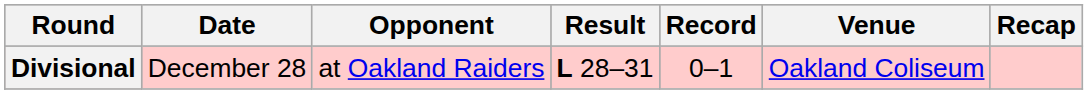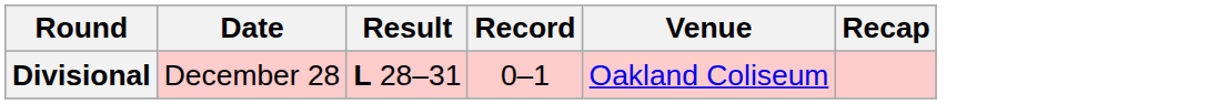 <table class="wikitable" style="text-align:center">
 <tr>
 <th>Round</th>
 <th>Date</th>
-<th>Opponent</th>
 <th>Result</th>
 <th>Record</th>
 <th>Venue</th>
 <th>Recap</th>
 </tr>
 <tr bgcolor="#fcc">
 <th>Divisional</th>
 <td>December 28</td>
-<td>at <a href='#'>Oakland Raiders</a></td>
 <td><strong>L</strong> 28–31</td>
 <td>0–1</td>
 <td><a href='#'>Oakland Coliseum</a></td>
 <td></td>
 </tr>
 </table>
